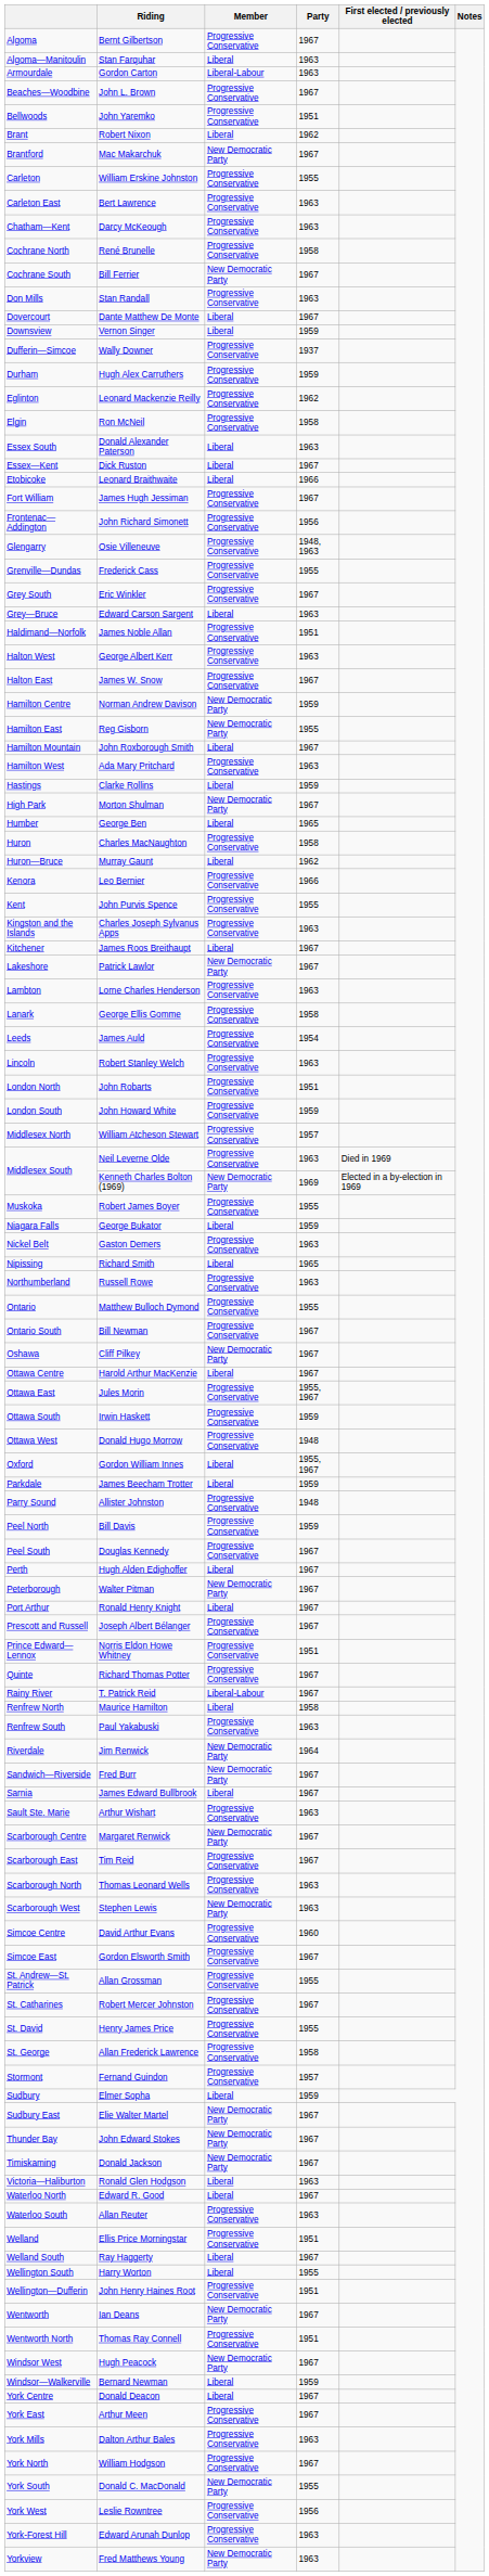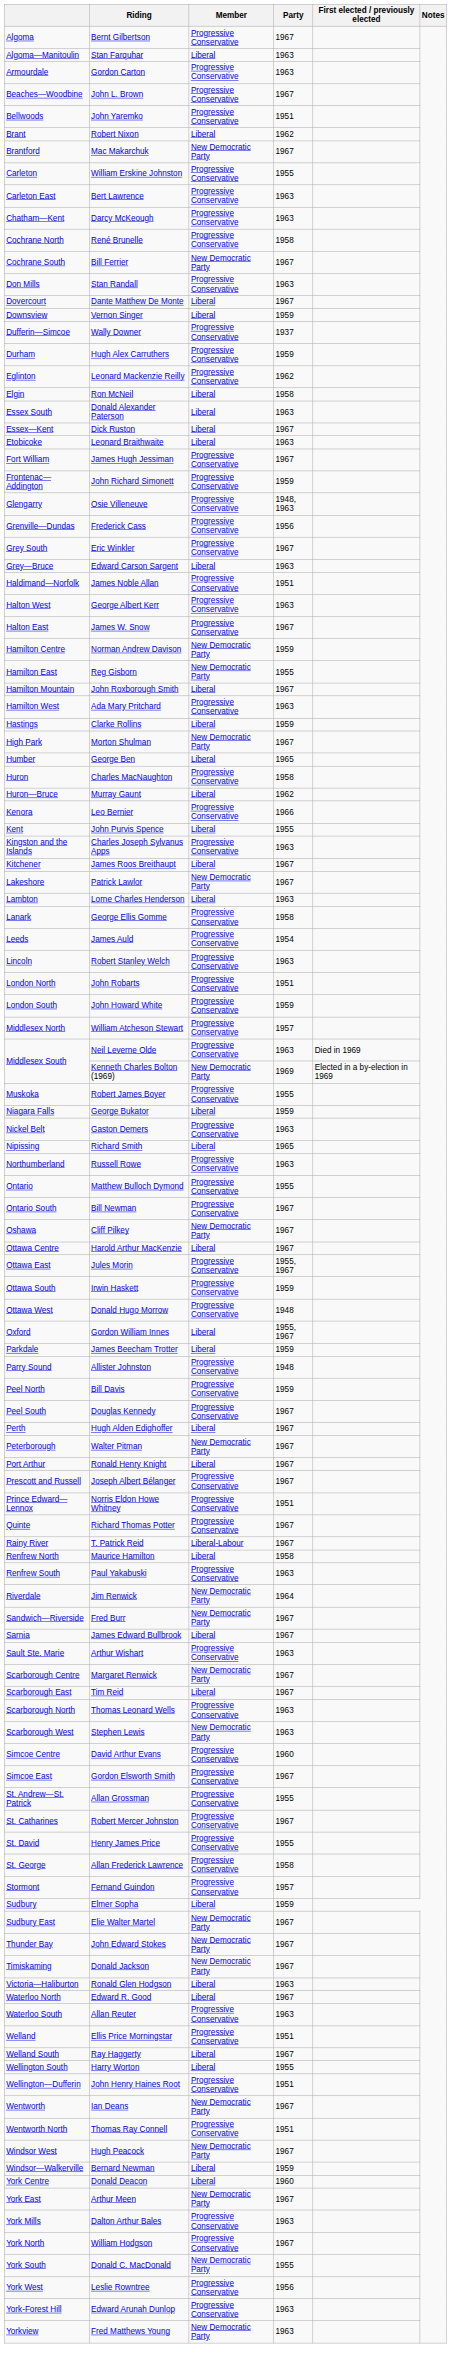 <table class="wikitable sortable">
 <tr>
 <th></th>
 <th>Riding</th>
 <th>Member</th>
 <th>Party</th>
 <th>First elected / previously elected</th>
 <th>Notes</th>
 </tr>
 <tr>
 <td><a href='#'>Algoma</a></td>
 <td><a href='#'>Bernt Gilbertson</a></td>
 <td><a href='#'>Progressive Conservative</a></td>
 <td>1967</td>
 <td></td>
 </tr>
 <tr>
 <td><a href='#'>Algoma—Manitoulin</a></td>
 <td><a href='#'>Stan Farquhar</a></td>
 <td><a href='#'>Liberal</a></td>
 <td>1963</td>
 <td></td>
 </tr>
 <tr>
 <td><a href='#'>Armourdale</a></td>
 <td><a href='#'>Gordon Carton</a></td>
-<td><a href='#'>Liberal-Labour</a></td>
+<td><a href='#'>Progressive Conservative</a></td>
 <td>1963</td>
 <td></td>
 </tr>
 <tr>
 <td><a href='#'>Beaches—Woodbine</a></td>
 <td><a href='#'>John L. Brown</a></td>
 <td><a href='#'>Progressive Conservative</a></td>
 <td>1967</td>
 <td></td>
 </tr>
 <tr>
 <td><a href='#'>Bellwoods</a></td>
 <td><a href='#'>John Yaremko</a></td>
 <td><a href='#'>Progressive Conservative</a></td>
 <td>1951</td>
 <td></td>
 </tr>
 <tr>
 <td><a href='#'>Brant</a></td>
 <td><a href='#'>Robert Nixon</a></td>
 <td><a href='#'>Liberal</a></td>
 <td>1962</td>
 <td></td>
 </tr>
 <tr>
 <td><a href='#'>Brantford</a></td>
 <td><a href='#'>Mac Makarchuk</a></td>
 <td><a href='#'>New Democratic Party</a></td>
 <td>1967</td>
 <td></td>
 </tr>
 <tr>
 <td><a href='#'>Carleton</a></td>
 <td><a href='#'>William Erskine Johnston</a></td>
 <td><a href='#'>Progressive Conservative</a></td>
 <td>1955</td>
 <td></td>
 </tr>
 <tr>
 <td><a href='#'>Carleton East</a></td>
 <td><a href='#'>Bert Lawrence</a></td>
 <td><a href='#'>Progressive Conservative</a></td>
 <td>1963</td>
 <td></td>
 </tr>
 <tr>
 <td><a href='#'>Chatham—Kent</a></td>
 <td><a href='#'>Darcy McKeough</a></td>
 <td><a href='#'>Progressive Conservative</a></td>
 <td>1963</td>
 <td></td>
 </tr>
 <tr>
 <td><a href='#'>Cochrane North</a></td>
 <td><a href='#'>René Brunelle</a></td>
 <td><a href='#'>Progressive Conservative</a></td>
 <td>1958</td>
 <td></td>
 </tr>
 <tr>
 <td><a href='#'>Cochrane South</a></td>
 <td><a href='#'>Bill Ferrier</a></td>
 <td><a href='#'>New Democratic Party</a></td>
 <td>1967</td>
 <td></td>
 </tr>
 <tr>
 <td><a href='#'>Don Mills</a></td>
 <td><a href='#'>Stan Randall</a></td>
 <td><a href='#'>Progressive Conservative</a></td>
 <td>1963</td>
 <td></td>
 </tr>
 <tr>
 <td><a href='#'>Dovercourt</a></td>
 <td><a href='#'>Dante Matthew De Monte</a></td>
 <td><a href='#'>Liberal</a></td>
 <td>1967</td>
 <td></td>
 </tr>
 <tr>
 <td><a href='#'>Downsview</a></td>
 <td><a href='#'>Vernon Singer</a></td>
 <td><a href='#'>Liberal</a></td>
 <td>1959</td>
 <td></td>
 </tr>
 <tr>
 <td><a href='#'>Dufferin—Simcoe</a></td>
 <td><a href='#'>Wally Downer</a></td>
 <td><a href='#'>Progressive Conservative</a></td>
 <td>1937</td>
 <td></td>
 </tr>
 <tr>
 <td><a href='#'>Durham</a></td>
 <td><a href='#'>Hugh Alex Carruthers</a></td>
 <td><a href='#'>Progressive Conservative</a></td>
 <td>1959</td>
 <td></td>
 </tr>
 <tr>
 <td><a href='#'>Eglinton</a></td>
 <td><a href='#'>Leonard Mackenzie Reilly</a></td>
 <td><a href='#'>Progressive Conservative</a></td>
 <td>1962</td>
 <td></td>
 </tr>
 <tr>
 <td><a href='#'>Elgin</a></td>
 <td><a href='#'>Ron McNeil</a></td>
-<td><a href='#'>Progressive Conservative</a></td>
+<td><a href='#'>Liberal</a></td>
 <td>1958</td>
 <td></td>
 </tr>
 <tr>
 <td><a href='#'>Essex South</a></td>
 <td><a href='#'>Donald Alexander Paterson</a></td>
 <td><a href='#'>Liberal</a></td>
 <td>1963</td>
 <td></td>
 </tr>
 <tr>
 <td><a href='#'>Essex—Kent</a></td>
 <td><a href='#'>Dick Ruston</a></td>
 <td><a href='#'>Liberal</a></td>
 <td>1967</td>
 <td></td>
 </tr>
 <tr>
 <td><a href='#'>Etobicoke</a></td>
 <td><a href='#'>Leonard Braithwaite</a></td>
 <td><a href='#'>Liberal</a></td>
-<td>1966</td>
+<td>1963</td>
 <td></td>
 </tr>
 <tr>
 <td><a href='#'>Fort William</a></td>
 <td><a href='#'>James Hugh Jessiman</a></td>
 <td><a href='#'>Progressive Conservative</a></td>
 <td>1967</td>
 <td></td>
 </tr>
 <tr>
 <td><a href='#'>Frontenac—Addington</a></td>
 <td><a href='#'>John Richard Simonett</a></td>
 <td><a href='#'>Progressive Conservative</a></td>
-<td>1956</td>
+<td>1959</td>
 <td></td>
 </tr>
 <tr>
 <td><a href='#'>Glengarry</a></td>
 <td><a href='#'>Osie Villeneuve</a></td>
 <td><a href='#'>Progressive Conservative</a></td>
 <td>1948, 1963</td>
 <td></td>
 </tr>
 <tr>
 <td><a href='#'>Grenville—Dundas</a></td>
 <td><a href='#'>Frederick Cass</a></td>
 <td><a href='#'>Progressive Conservative</a></td>
-<td>1955</td>
+<td>1956</td>
 <td></td>
 </tr>
 <tr>
 <td><a href='#'>Grey South</a></td>
 <td><a href='#'>Eric Winkler</a></td>
 <td><a href='#'>Progressive Conservative</a></td>
 <td>1967</td>
 <td></td>
 </tr>
 <tr>
 <td><a href='#'>Grey—Bruce</a></td>
 <td><a href='#'>Edward Carson Sargent</a></td>
 <td><a href='#'>Liberal</a></td>
 <td>1963</td>
 <td></td>
 </tr>
 <tr>
 <td><a href='#'>Haldimand—Norfolk</a></td>
 <td><a href='#'>James Noble Allan</a></td>
 <td><a href='#'>Progressive Conservative</a></td>
 <td>1951</td>
 <td></td>
 </tr>
 <tr>
 <td><a href='#'>Halton West</a></td>
 <td><a href='#'>George Albert Kerr</a></td>
 <td><a href='#'>Progressive Conservative</a></td>
 <td>1963</td>
 <td></td>
 </tr>
 <tr>
 <td><a href='#'>Halton East</a></td>
 <td><a href='#'>James W. Snow</a></td>
 <td><a href='#'>Progressive Conservative</a></td>
 <td>1967</td>
 <td></td>
 </tr>
 <tr>
 <td><a href='#'>Hamilton Centre</a></td>
 <td><a href='#'>Norman Andrew Davison</a></td>
 <td><a href='#'>New Democratic Party</a></td>
 <td>1959</td>
 <td></td>
 </tr>
 <tr>
 <td><a href='#'>Hamilton East</a></td>
 <td><a href='#'>Reg Gisborn</a></td>
 <td><a href='#'>New Democratic Party</a></td>
 <td>1955</td>
 <td></td>
 </tr>
 <tr>
 <td><a href='#'>Hamilton Mountain</a></td>
 <td><a href='#'>John Roxborough Smith</a></td>
 <td><a href='#'>Liberal</a></td>
 <td>1967</td>
 <td></td>
 </tr>
 <tr>
 <td><a href='#'>Hamilton West</a></td>
 <td><a href='#'>Ada Mary Pritchard</a></td>
 <td><a href='#'>Progressive Conservative</a></td>
 <td>1963</td>
 <td></td>
 </tr>
 <tr>
 <td><a href='#'>Hastings</a></td>
 <td><a href='#'>Clarke Rollins</a></td>
 <td><a href='#'>Liberal</a></td>
 <td>1959</td>
 <td></td>
 </tr>
 <tr>
 <td><a href='#'>High Park</a></td>
 <td><a href='#'>Morton Shulman</a></td>
 <td><a href='#'>New Democratic Party</a></td>
 <td>1967</td>
 <td></td>
 </tr>
 <tr>
 <td><a href='#'>Humber</a></td>
 <td><a href='#'>George Ben</a></td>
 <td><a href='#'>Liberal</a></td>
 <td>1965</td>
 <td></td>
 </tr>
 <tr>
 <td><a href='#'>Huron</a></td>
 <td><a href='#'>Charles MacNaughton</a></td>
 <td><a href='#'>Progressive Conservative</a></td>
 <td>1958</td>
 <td></td>
 </tr>
 <tr>
 <td><a href='#'>Huron—Bruce</a></td>
 <td><a href='#'>Murray Gaunt</a></td>
 <td><a href='#'>Liberal</a></td>
 <td>1962</td>
 <td></td>
 </tr>
 <tr>
 <td><a href='#'>Kenora</a></td>
 <td><a href='#'>Leo Bernier</a></td>
 <td><a href='#'>Progressive Conservative</a></td>
 <td>1966</td>
 <td></td>
 </tr>
 <tr>
 <td><a href='#'>Kent</a></td>
 <td><a href='#'>John Purvis Spence</a></td>
-<td><a href='#'>Progressive Conservative</a></td>
+<td><a href='#'>Liberal</a></td>
 <td>1955</td>
 <td></td>
 </tr>
 <tr>
 <td><a href='#'>Kingston and the Islands</a></td>
 <td><a href='#'>Charles Joseph Sylvanus Apps</a></td>
 <td><a href='#'>Progressive Conservative</a></td>
 <td>1963</td>
 <td></td>
 </tr>
 <tr>
 <td><a href='#'>Kitchener</a></td>
 <td><a href='#'>James Roos Breithaupt</a></td>
 <td><a href='#'>Liberal</a></td>
 <td>1967</td>
 <td></td>
 </tr>
 <tr>
 <td><a href='#'>Lakeshore</a></td>
 <td><a href='#'>Patrick Lawlor</a></td>
 <td><a href='#'>New Democratic Party</a></td>
 <td>1967</td>
 <td></td>
 </tr>
 <tr>
 <td><a href='#'>Lambton</a></td>
 <td><a href='#'>Lorne Charles Henderson</a></td>
-<td><a href='#'>Progressive Conservative</a></td>
+<td><a href='#'>Liberal</a></td>
 <td>1963</td>
 <td></td>
 </tr>
 <tr>
 <td><a href='#'>Lanark</a></td>
 <td><a href='#'>George Ellis Gomme</a></td>
 <td><a href='#'>Progressive Conservative</a></td>
 <td>1958</td>
 <td></td>
 </tr>
 <tr>
 <td><a href='#'>Leeds</a></td>
 <td><a href='#'>James Auld</a></td>
 <td><a href='#'>Progressive Conservative</a></td>
 <td>1954</td>
 <td></td>
 </tr>
 <tr>
 <td><a href='#'>Lincoln</a></td>
 <td><a href='#'>Robert Stanley Welch</a></td>
 <td><a href='#'>Progressive Conservative</a></td>
 <td>1963</td>
 <td></td>
 </tr>
 <tr>
 <td><a href='#'>London North</a></td>
 <td><a href='#'>John Robarts</a></td>
 <td><a href='#'>Progressive Conservative</a></td>
 <td>1951</td>
 <td></td>
 </tr>
 <tr>
 <td><a href='#'>London South</a></td>
 <td><a href='#'>John Howard White</a></td>
 <td><a href='#'>Progressive Conservative</a></td>
 <td>1959</td>
 <td></td>
 </tr>
 <tr>
 <td><a href='#'>Middlesex North</a></td>
 <td><a href='#'>William Atcheson Stewart</a></td>
 <td><a href='#'>Progressive Conservative</a></td>
 <td>1957</td>
 <td></td>
 </tr>
 <tr>
 <td rowspan="2"><a href='#'>Middlesex South</a></td>
 <td><a href='#'>Neil Leverne Olde</a></td>
 <td><a href='#'>Progressive Conservative</a></td>
 <td>1963</td>
 <td>Died in 1969</td>
 </tr>
 <tr>
 <td><a href='#'>Kenneth Charles Bolton</a> (1969)</td>
 <td><a href='#'>New Democratic Party</a></td>
 <td>1969</td>
 <td>Elected in a by-election in 1969</td>
 </tr>
 <tr>
 <td><a href='#'>Muskoka</a></td>
 <td><a href='#'>Robert James Boyer</a></td>
 <td><a href='#'>Progressive Conservative</a></td>
 <td>1955</td>
 <td></td>
 </tr>
 <tr>
 <td><a href='#'>Niagara Falls</a></td>
 <td><a href='#'>George Bukator</a></td>
 <td><a href='#'>Liberal</a></td>
 <td>1959</td>
 <td></td>
 </tr>
 <tr>
 <td><a href='#'>Nickel Belt</a></td>
 <td><a href='#'>Gaston Demers</a></td>
 <td><a href='#'>Progressive Conservative</a></td>
 <td>1963</td>
 <td></td>
 </tr>
 <tr>
 <td><a href='#'>Nipissing</a></td>
 <td><a href='#'>Richard Smith</a></td>
 <td><a href='#'>Liberal</a></td>
 <td>1965</td>
 <td></td>
 </tr>
 <tr>
 <td><a href='#'>Northumberland</a></td>
 <td><a href='#'>Russell Rowe</a></td>
 <td><a href='#'>Progressive Conservative</a></td>
 <td>1963</td>
 <td></td>
 </tr>
 <tr>
 <td><a href='#'>Ontario</a></td>
 <td><a href='#'>Matthew Bulloch Dymond</a></td>
 <td><a href='#'>Progressive Conservative</a></td>
 <td>1955</td>
 <td></td>
 </tr>
 <tr>
 <td><a href='#'>Ontario South</a></td>
 <td><a href='#'>Bill Newman</a></td>
 <td><a href='#'>Progressive Conservative</a></td>
 <td>1967</td>
 <td></td>
 </tr>
 <tr>
 <td><a href='#'>Oshawa</a></td>
 <td><a href='#'>Cliff Pilkey</a></td>
 <td><a href='#'>New Democratic Party</a></td>
 <td>1967</td>
 <td></td>
 </tr>
 <tr>
 <td><a href='#'>Ottawa Centre</a></td>
 <td><a href='#'>Harold Arthur MacKenzie</a></td>
 <td><a href='#'>Liberal</a></td>
 <td>1967</td>
 <td></td>
 </tr>
 <tr>
 <td><a href='#'>Ottawa East</a></td>
 <td><a href='#'>Jules Morin</a></td>
 <td><a href='#'>Progressive Conservative</a></td>
 <td>1955, 1967</td>
 <td></td>
 </tr>
 <tr>
 <td><a href='#'>Ottawa South</a></td>
 <td><a href='#'>Irwin Haskett</a></td>
 <td><a href='#'>Progressive Conservative</a></td>
 <td>1959</td>
 <td></td>
 </tr>
 <tr>
 <td><a href='#'>Ottawa West</a></td>
 <td><a href='#'>Donald Hugo Morrow</a></td>
 <td><a href='#'>Progressive Conservative</a></td>
 <td>1948</td>
 <td></td>
 </tr>
 <tr>
 <td><a href='#'>Oxford</a></td>
 <td><a href='#'>Gordon William Innes</a></td>
 <td><a href='#'>Liberal</a></td>
 <td>1955, 1967</td>
 <td></td>
 </tr>
 <tr>
 <td><a href='#'>Parkdale</a></td>
 <td><a href='#'>James Beecham Trotter</a></td>
 <td><a href='#'>Liberal</a></td>
 <td>1959</td>
 <td></td>
 </tr>
 <tr>
 <td><a href='#'>Parry Sound</a></td>
 <td><a href='#'>Allister Johnston</a></td>
 <td><a href='#'>Progressive Conservative</a></td>
 <td>1948</td>
 <td></td>
 </tr>
 <tr>
 <td><a href='#'>Peel North</a></td>
 <td><a href='#'>Bill Davis</a></td>
 <td><a href='#'>Progressive Conservative</a></td>
 <td>1959</td>
 <td></td>
 </tr>
 <tr>
 <td><a href='#'>Peel South</a></td>
 <td><a href='#'>Douglas Kennedy</a></td>
 <td><a href='#'>Progressive Conservative</a></td>
 <td>1967</td>
 <td></td>
 </tr>
 <tr>
 <td><a href='#'>Perth</a></td>
 <td><a href='#'>Hugh Alden Edighoffer</a></td>
 <td><a href='#'>Liberal</a></td>
 <td>1967</td>
 <td></td>
 </tr>
 <tr>
 <td><a href='#'>Peterborough</a></td>
 <td><a href='#'>Walter Pitman</a></td>
 <td><a href='#'>New Democratic Party</a></td>
 <td>1967</td>
 <td></td>
 </tr>
 <tr>
 <td><a href='#'>Port Arthur</a></td>
 <td><a href='#'>Ronald Henry Knight</a></td>
 <td><a href='#'>Liberal</a></td>
 <td>1967</td>
 <td></td>
 </tr>
 <tr>
 <td><a href='#'>Prescott and Russell</a></td>
 <td><a href='#'>Joseph Albert Bélanger</a></td>
 <td><a href='#'>Progressive Conservative</a></td>
 <td>1967</td>
 <td></td>
 </tr>
 <tr>
 <td><a href='#'>Prince Edward—Lennox</a></td>
 <td><a href='#'>Norris Eldon Howe Whitney</a></td>
 <td><a href='#'>Progressive Conservative</a></td>
 <td>1951</td>
 <td></td>
 </tr>
 <tr>
 <td><a href='#'>Quinte</a></td>
 <td><a href='#'>Richard Thomas Potter</a></td>
 <td><a href='#'>Progressive Conservative</a></td>
 <td>1967</td>
 <td></td>
 </tr>
 <tr>
 <td><a href='#'>Rainy River</a></td>
 <td><a href='#'>T. Patrick Reid</a></td>
 <td><a href='#'>Liberal-Labour</a></td>
 <td>1967</td>
 <td></td>
 </tr>
 <tr>
 <td><a href='#'>Renfrew North</a></td>
 <td><a href='#'>Maurice Hamilton</a></td>
 <td><a href='#'>Liberal</a></td>
 <td>1958</td>
 <td></td>
 </tr>
 <tr>
 <td><a href='#'>Renfrew South</a></td>
 <td><a href='#'>Paul Yakabuski</a></td>
 <td><a href='#'>Progressive Conservative</a></td>
 <td>1963</td>
 <td></td>
 </tr>
 <tr>
 <td><a href='#'>Riverdale</a></td>
 <td><a href='#'>Jim Renwick</a></td>
 <td><a href='#'>New Democratic Party</a></td>
 <td>1964</td>
 <td></td>
 </tr>
 <tr>
 <td><a href='#'>Sandwich—Riverside</a></td>
 <td><a href='#'>Fred Burr</a></td>
 <td><a href='#'>New Democratic Party</a></td>
 <td>1967</td>
 <td></td>
 </tr>
 <tr>
 <td><a href='#'>Sarnia</a></td>
 <td><a href='#'>James Edward Bullbrook</a></td>
 <td><a href='#'>Liberal</a></td>
 <td>1967</td>
 <td></td>
 </tr>
 <tr>
 <td><a href='#'>Sault Ste. Marie</a></td>
 <td><a href='#'>Arthur Wishart</a></td>
 <td><a href='#'>Progressive Conservative</a></td>
 <td>1963</td>
 <td></td>
 </tr>
 <tr>
 <td><a href='#'>Scarborough Centre</a></td>
 <td><a href='#'>Margaret Renwick</a></td>
 <td><a href='#'>New Democratic Party</a></td>
 <td>1967</td>
 <td></td>
 </tr>
 <tr>
 <td><a href='#'>Scarborough East</a></td>
 <td><a href='#'>Tim Reid</a></td>
-<td><a href='#'>Progressive Conservative</a></td>
+<td><a href='#'>Liberal</a></td>
 <td>1967</td>
 <td></td>
 </tr>
 <tr>
 <td><a href='#'>Scarborough North</a></td>
 <td><a href='#'>Thomas Leonard Wells</a></td>
 <td><a href='#'>Progressive Conservative</a></td>
 <td>1963</td>
 <td></td>
 </tr>
 <tr>
 <td><a href='#'>Scarborough West</a></td>
 <td><a href='#'>Stephen Lewis</a></td>
 <td><a href='#'>New Democratic Party</a></td>
 <td>1963</td>
 <td></td>
 </tr>
 <tr>
 <td><a href='#'>Simcoe Centre</a></td>
 <td><a href='#'>David Arthur Evans</a></td>
 <td><a href='#'>Progressive Conservative</a></td>
 <td>1960</td>
 <td></td>
 </tr>
 <tr>
 <td><a href='#'>Simcoe East</a></td>
 <td><a href='#'>Gordon Elsworth Smith</a></td>
 <td><a href='#'>Progressive Conservative</a></td>
 <td>1967</td>
 <td></td>
 </tr>
 <tr>
 <td><a href='#'>St. Andrew—St. Patrick</a></td>
 <td><a href='#'>Allan Grossman</a></td>
 <td><a href='#'>Progressive Conservative</a></td>
 <td>1955</td>
 <td></td>
 </tr>
 <tr>
 <td><a href='#'>St. Catharines</a></td>
 <td><a href='#'>Robert Mercer Johnston</a></td>
 <td><a href='#'>Progressive Conservative</a></td>
 <td>1967</td>
 <td></td>
 </tr>
 <tr>
 <td><a href='#'>St. David</a></td>
 <td><a href='#'>Henry James Price</a></td>
 <td><a href='#'>Progressive Conservative</a></td>
 <td>1955</td>
 <td></td>
 </tr>
 <tr>
 <td><a href='#'>St. George</a></td>
 <td><a href='#'>Allan Frederick Lawrence</a></td>
 <td><a href='#'>Progressive Conservative</a></td>
 <td>1958</td>
 <td></td>
 </tr>
 <tr>
 <td><a href='#'>Stormont</a></td>
 <td><a href='#'>Fernand Guindon</a></td>
 <td><a href='#'>Progressive Conservative</a></td>
 <td>1957</td>
 <td></td>
 </tr>
 <tr>
 <td><a href='#'>Sudbury</a></td>
 <td><a href='#'>Elmer Sopha</a></td>
 <td><a href='#'>Liberal</a></td>
 <td>1959</td>
 </tr>
 <tr>
 <td><a href='#'>Sudbury East</a></td>
 <td><a href='#'>Elie Walter Martel</a></td>
 <td><a href='#'>New Democratic Party</a></td>
 <td>1967</td>
 <td></td>
 </tr>
 <tr>
 <td><a href='#'>Thunder Bay</a></td>
 <td><a href='#'>John Edward Stokes</a></td>
 <td><a href='#'>New Democratic Party</a></td>
 <td>1967</td>
 <td></td>
 </tr>
 <tr>
 <td><a href='#'>Timiskaming</a></td>
 <td><a href='#'>Donald Jackson</a></td>
 <td><a href='#'>New Democratic Party</a></td>
 <td>1967</td>
 <td></td>
 </tr>
 <tr>
 <td><a href='#'>Victoria—Haliburton</a></td>
 <td><a href='#'>Ronald Glen Hodgson</a></td>
 <td><a href='#'>Liberal</a></td>
 <td>1963</td>
 <td></td>
 </tr>
 <tr>
 <td><a href='#'>Waterloo North</a></td>
 <td><a href='#'>Edward R. Good</a></td>
 <td><a href='#'>Liberal</a></td>
 <td>1967</td>
 <td></td>
 </tr>
 <tr>
 <td><a href='#'>Waterloo South</a></td>
 <td><a href='#'>Allan Reuter</a></td>
 <td><a href='#'>Progressive Conservative</a></td>
 <td>1963</td>
 <td></td>
 </tr>
 <tr>
 <td><a href='#'>Welland</a></td>
 <td><a href='#'>Ellis Price Morningstar</a></td>
 <td><a href='#'>Progressive Conservative</a></td>
 <td>1951</td>
 <td></td>
 </tr>
 <tr>
 <td><a href='#'>Welland South</a></td>
 <td><a href='#'>Ray Haggerty</a></td>
 <td><a href='#'>Liberal</a></td>
 <td>1967</td>
 <td></td>
 </tr>
 <tr>
 <td><a href='#'>Wellington South</a></td>
 <td><a href='#'>Harry Worton</a></td>
 <td><a href='#'>Liberal</a></td>
 <td>1955</td>
 <td></td>
 </tr>
 <tr>
 <td><a href='#'>Wellington—Dufferin</a></td>
 <td><a href='#'>John Henry Haines Root</a></td>
 <td><a href='#'>Progressive Conservative</a></td>
 <td>1951</td>
 <td></td>
 </tr>
 <tr>
 <td><a href='#'>Wentworth</a></td>
 <td><a href='#'>Ian Deans</a></td>
 <td><a href='#'>New Democratic Party</a></td>
 <td>1967</td>
 <td></td>
 </tr>
 <tr>
 <td><a href='#'>Wentworth North</a></td>
 <td><a href='#'>Thomas Ray Connell</a></td>
 <td><a href='#'>Progressive Conservative</a></td>
 <td>1951</td>
 <td></td>
 </tr>
 <tr>
 <td><a href='#'>Windsor West</a></td>
 <td><a href='#'>Hugh Peacock</a></td>
 <td><a href='#'>New Democratic Party</a></td>
 <td>1967</td>
 <td></td>
 </tr>
 <tr>
 <td><a href='#'>Windsor—Walkerville</a></td>
 <td><a href='#'>Bernard Newman</a></td>
 <td><a href='#'>Liberal</a></td>
 <td>1959</td>
 <td></td>
 </tr>
 <tr>
 <td><a href='#'>York Centre</a></td>
 <td><a href='#'>Donald Deacon</a></td>
 <td><a href='#'>Liberal</a></td>
-<td>1967</td>
+<td>1960</td>
 <td></td>
 </tr>
 <tr>
 <td><a href='#'>York East</a></td>
 <td><a href='#'>Arthur Meen</a></td>
-<td><a href='#'>Progressive Conservative</a></td>
+<td><a href='#'>New Democratic Party</a></td>
 <td>1967</td>
 <td></td>
 </tr>
 <tr>
 <td><a href='#'>York Mills</a></td>
 <td><a href='#'>Dalton Arthur Bales</a></td>
 <td><a href='#'>Progressive Conservative</a></td>
 <td>1963</td>
 <td></td>
 </tr>
 <tr>
 <td><a href='#'>York North</a></td>
 <td><a href='#'>William Hodgson</a></td>
 <td><a href='#'>Progressive Conservative</a></td>
 <td>1967</td>
 <td></td>
 </tr>
 <tr>
 <td><a href='#'>York South</a></td>
 <td><a href='#'>Donald C. MacDonald</a></td>
 <td><a href='#'>New Democratic Party</a></td>
 <td>1955</td>
 <td></td>
 </tr>
 <tr>
 <td><a href='#'>York West</a></td>
 <td><a href='#'>Leslie Rowntree</a></td>
 <td><a href='#'>Progressive Conservative</a></td>
 <td>1956</td>
 <td></td>
 </tr>
 <tr>
 <td><a href='#'>York-Forest Hill</a></td>
 <td><a href='#'>Edward Arunah Dunlop</a></td>
 <td><a href='#'>Progressive Conservative</a></td>
 <td>1963</td>
 <td></td>
 </tr>
 <tr>
 <td><a href='#'>Yorkview</a></td>
 <td><a href='#'>Fred Matthews Young</a></td>
 <td><a href='#'>New Democratic Party</a></td>
 <td>1963</td>
 <td></td>
 </tr>
 </table>
